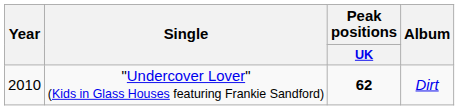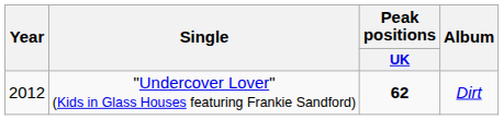 <table class="wikitable" style="text-align:center;">
 <tr>
 <th rowspan="2">Year</th>
 <th rowspan="2">Single</th>
 <th>Peak<br>positions</th>
 <th rowspan="2">Album</th>
 </tr>
 <tr>
 <th scope="col" style="width:3em;font-size:85%;"><a href='#'>UK</a></th>
 </tr>
 <tr>
-<td>2010</td>
+<td>2012</td>
 <td>"<a href='#'>Undercover Lover</a>"<br><small>(<a href='#'>Kids in Glass Houses</a> featuring Frankie Sandford)</small></td>
 <td><strong>62</strong></td>
 <td><em><a href='#'>Dirt</a></em></td>
 </tr>
 </table>
